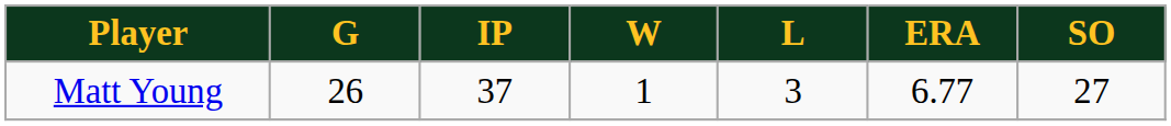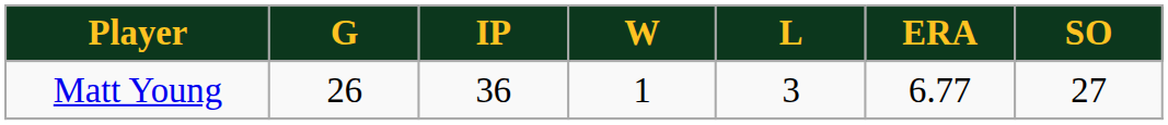 <table class="wikitable sortable">
 <tr>
 <th style="background:#0C371D;color:#ffc322;" width="16%">Player</th>
 <th style="background:#0C371D;color:#ffc322;" width="9%">G</th>
 <th style="background:#0C371D;color:#ffc322;" width="9%">IP</th>
 <th style="background:#0C371D;color:#ffc322;" width="9%">W</th>
 <th style="background:#0C371D;color:#ffc322;" width="9%">L</th>
 <th style="background:#0C371D;color:#ffc322;" width="9%">ERA</th>
 <th style="background:#0c371D;color:#ffc322;" width="9%">SO</th>
 </tr>
 <tr align="center">
 <td><a href='#'>Matt Young</a></td>
 <td>26</td>
-<td>37</td>
+<td>36</td>
 <td>1</td>
 <td>3</td>
 <td>6.77</td>
 <td>27</td>
 </tr>
 <tr align="center">
 </tr>
 </table>
